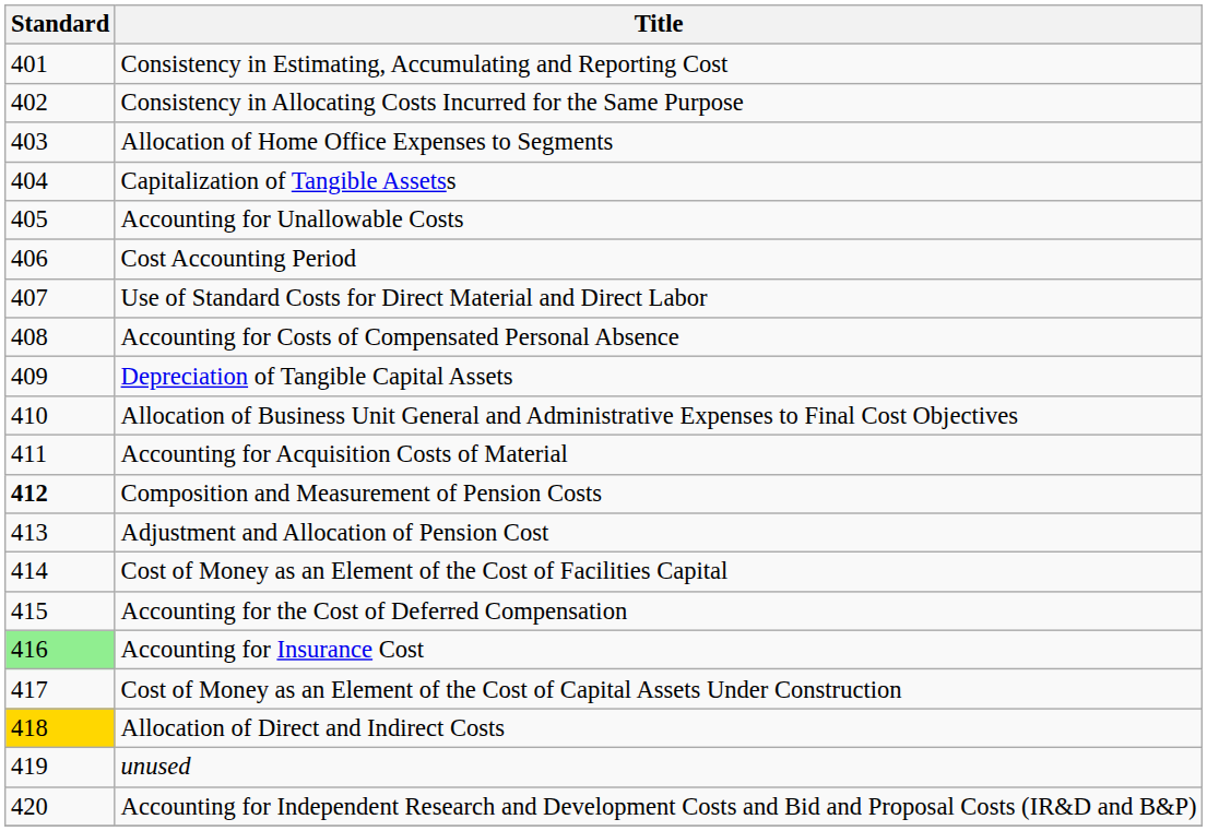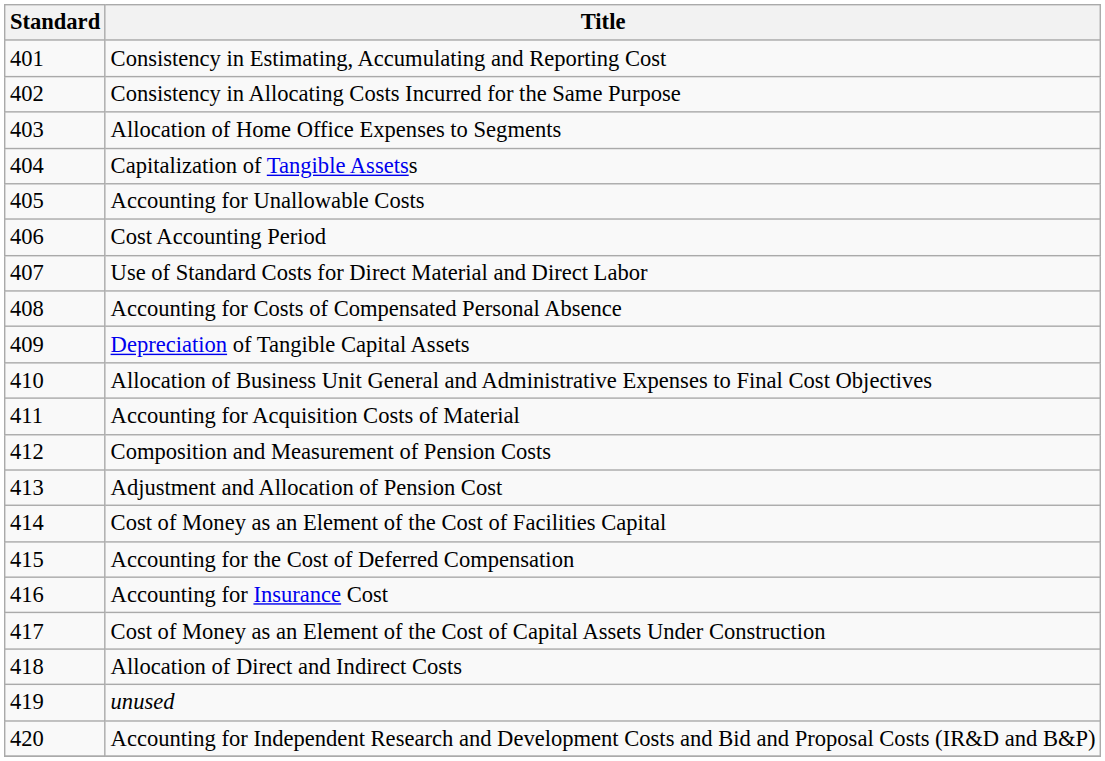 <table class="wikitable">
 <tr>
 <th>Standard</th>
 <th>Title</th>
 </tr>
 <tr valign="top">
 <td>401</td>
 <td>Consistency in Estimating, Accumulating and Reporting Cost</td>
 </tr>
 <tr>
 <td>402</td>
 <td>Consistency in Allocating Costs Incurred for the Same Purpose</td>
 </tr>
 <tr>
 <td>403</td>
 <td>Allocation of Home Office Expenses to Segments</td>
 </tr>
 <tr>
 <td>404</td>
 <td>Capitalization of <a href='#'>Tangible Assets</a>s</td>
 </tr>
 <tr>
 <td>405</td>
 <td>Accounting for Unallowable Costs</td>
 </tr>
 <tr>
 <td>406</td>
 <td>Cost Accounting Period</td>
 </tr>
 <tr>
 <td>407</td>
 <td>Use of Standard Costs for Direct Material and Direct Labor</td>
 </tr>
 <tr>
 <td>408</td>
 <td>Accounting for Costs of Compensated Personal Absence</td>
 </tr>
 <tr>
 <td>409</td>
 <td><a href='#'>Depreciation</a> of Tangible Capital Assets</td>
 </tr>
 <tr>
 <td>410</td>
 <td>Allocation of Business Unit General and Administrative Expenses to Final Cost Objectives</td>
 </tr>
 <tr>
 <td>411</td>
 <td>Accounting for Acquisition Costs of Material</td>
 </tr>
 <tr>
-<td><strong>412</strong></td>
+<td>412</td>
 <td>Composition and Measurement of Pension Costs</td>
 </tr>
 <tr>
 <td>413</td>
 <td>Adjustment and Allocation of Pension Cost</td>
 </tr>
 <tr>
 <td>414</td>
 <td>Cost of Money as an Element of the Cost of Facilities Capital</td>
 </tr>
 <tr>
 <td>415</td>
 <td>Accounting for the Cost of Deferred Compensation</td>
 </tr>
 <tr>
-<td style="background: lightgreen;">416</td>
+<td>416</td>
 <td>Accounting for <a href='#'>Insurance</a> Cost</td>
 </tr>
 <tr>
 <td>417</td>
 <td>Cost of Money as an Element of the Cost of Capital Assets Under Construction</td>
 </tr>
 <tr>
-<td style="background: gold;">418</td>
+<td>418</td>
 <td>Allocation of Direct and Indirect Costs</td>
 </tr>
 <tr>
 <td>419</td>
 <td><em>unused</em></td>
 </tr>
 <tr>
 <td>420</td>
 <td>Accounting for Independent Research and Development Costs and Bid and Proposal Costs (IR&D and B&P)</td>
 </tr>
 <tr>
 </tr>
 </table>
